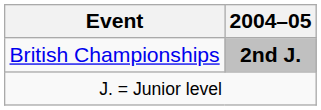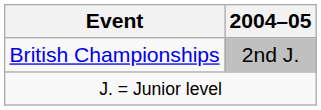 <table class="wikitable" style="text-align:center">
 <tr>
 <th>Event</th>
 <th>2004–05</th>
 </tr>
 <tr>
 <td align=left><a href='#'>British Championships</a></td>
-<td bgcolor=silver><strong>2nd J.</strong></td>
+<td bgcolor=silver>2nd J.</td>
 </tr>
 <tr>
 <td colspan=2 align=center><small> J. = Junior level </small></td>
 </tr>
 </table>
